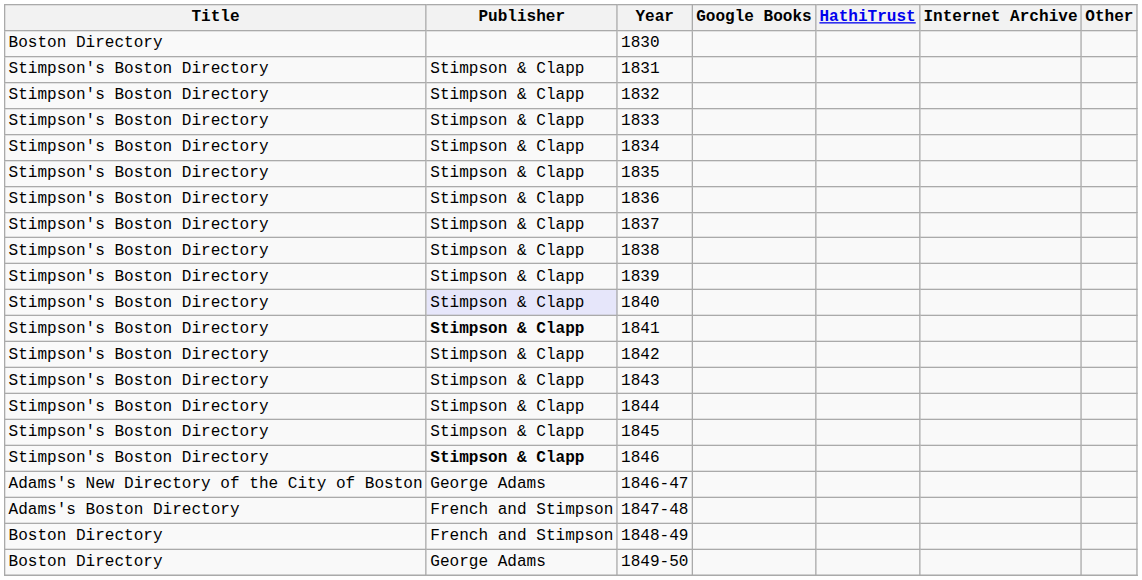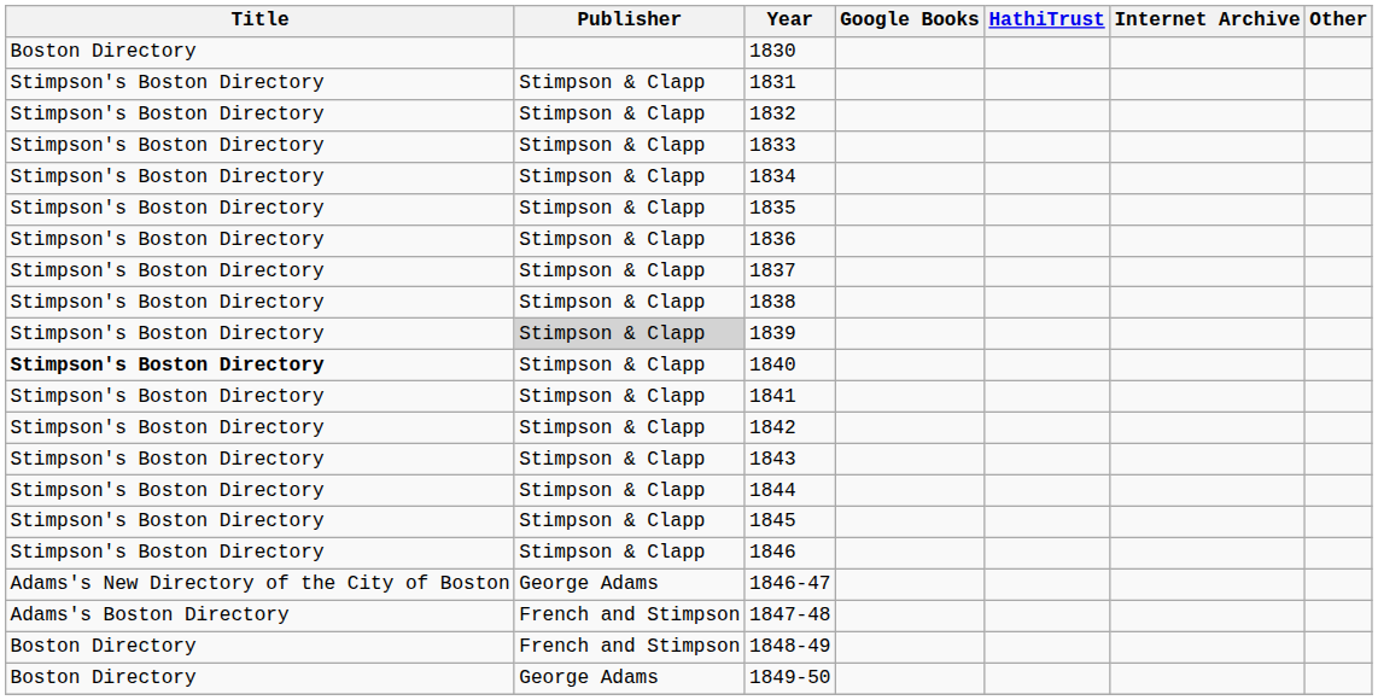 <table class="wikitable" style="font-size: 95%;">
 <tr>
 <th>Title</th>
 <th>Publisher</th>
 <th>Year</th>
 <th>Google Books</th>
 <th><a href='#'>HathiTrust</a></th>
 <th>Internet Archive</th>
 <th>Other</th>
 </tr>
 <tr>
 <td>Boston Directory</td>
 <td></td>
 <td>1830</td>
 <td></td>
 <td></td>
 <td></td>
 <td></td>
 </tr>
 <tr>
 <td>Stimpson's Boston Directory</td>
 <td>Stimpson & Clapp</td>
 <td>1831</td>
 <td></td>
 <td></td>
 <td></td>
 <td></td>
 </tr>
 <tr>
 <td>Stimpson's Boston Directory</td>
 <td>Stimpson & Clapp</td>
 <td>1832</td>
 <td></td>
 <td></td>
 <td></td>
 <td></td>
 </tr>
 <tr>
 <td>Stimpson's Boston Directory</td>
 <td>Stimpson & Clapp</td>
 <td>1833</td>
 <td></td>
 <td></td>
 <td></td>
 <td></td>
 </tr>
 <tr>
 <td>Stimpson's Boston Directory</td>
 <td>Stimpson & Clapp</td>
 <td>1834</td>
 <td></td>
 <td></td>
 <td></td>
 <td></td>
 </tr>
 <tr>
 <td>Stimpson's Boston Directory</td>
 <td>Stimpson & Clapp</td>
 <td>1835</td>
 <td></td>
 <td></td>
 <td></td>
 <td></td>
 </tr>
 <tr>
 <td>Stimpson's Boston Directory</td>
 <td>Stimpson & Clapp</td>
 <td>1836</td>
 <td></td>
 <td></td>
 <td></td>
 <td></td>
 </tr>
 <tr>
 <td>Stimpson's Boston Directory</td>
 <td>Stimpson & Clapp</td>
 <td>1837</td>
 <td></td>
 <td></td>
 <td></td>
 <td></td>
 </tr>
 <tr>
 <td>Stimpson's Boston Directory</td>
 <td>Stimpson & Clapp</td>
 <td>1838</td>
 <td></td>
 <td></td>
 <td></td>
 <td></td>
 </tr>
 <tr>
 <td>Stimpson's Boston Directory</td>
-<td>Stimpson & Clapp</td>
+<td style="background: lightgrey;">Stimpson & Clapp</td>
 <td>1839</td>
 <td></td>
 <td></td>
 <td></td>
 <td></td>
 </tr>
 <tr>
-<td>Stimpson's Boston Directory</td>
-<td style="background: lavender;">Stimpson & Clapp</td>
+<td><strong>Stimpson's Boston Directory</strong></td>
+<td>Stimpson & Clapp</td>
 <td>1840</td>
 <td></td>
 <td></td>
 <td></td>
 <td></td>
 </tr>
 <tr>
 <td>Stimpson's Boston Directory</td>
-<td><strong>Stimpson & Clapp</strong></td>
+<td>Stimpson & Clapp</td>
 <td>1841</td>
 <td></td>
 <td></td>
 <td></td>
 <td></td>
 </tr>
 <tr>
 <td>Stimpson's Boston Directory</td>
 <td>Stimpson & Clapp</td>
 <td>1842</td>
 <td></td>
 <td></td>
 <td></td>
 <td></td>
 </tr>
 <tr>
 <td>Stimpson's Boston Directory</td>
 <td>Stimpson & Clapp</td>
 <td>1843</td>
 <td></td>
 <td></td>
 <td></td>
 <td></td>
 </tr>
 <tr>
 <td>Stimpson's Boston Directory</td>
 <td>Stimpson & Clapp</td>
 <td>1844</td>
 <td></td>
 <td></td>
 <td></td>
 <td></td>
 </tr>
 <tr>
 <td>Stimpson's Boston Directory</td>
 <td>Stimpson & Clapp</td>
 <td>1845</td>
 <td></td>
 <td></td>
 <td></td>
 <td><br></td>
 </tr>
 <tr>
 <td>Stimpson's Boston Directory</td>
-<td><strong>Stimpson & Clapp</strong></td>
+<td>Stimpson & Clapp</td>
 <td>1846</td>
 <td></td>
 <td></td>
 <td></td>
 <td></td>
 </tr>
 <tr>
 <td>Adams's New Directory of the City of Boston</td>
 <td>George Adams</td>
 <td>1846-47</td>
 <td></td>
 <td></td>
 <td></td>
 <td></td>
 </tr>
 <tr>
 <td>Adams's Boston Directory</td>
 <td>French and Stimpson</td>
 <td>1847-48</td>
 <td></td>
 <td></td>
 <td></td>
 <td></td>
 </tr>
 <tr>
 <td>Boston Directory</td>
 <td>French and Stimpson</td>
 <td>1848-49</td>
 <td></td>
 <td></td>
 <td></td>
 <td></td>
 </tr>
 <tr>
 <td>Boston Directory</td>
 <td>George Adams</td>
 <td>1849-50</td>
 <td></td>
 <td></td>
 <td></td>
 <td></td>
 </tr>
 <tr>
 </tr>
 </table>
